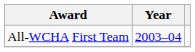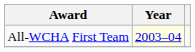 <table class="wikitable">
 <tr>
 <th>Award</th>
 <th>Year</th>
 <th></th>
 </tr>
 <tr>
 <td>All-<a href='#'>WCHA</a> <a href='#'>First Team</a></td>
-<td><a href='#'>2003–04</a></td>
+<td style="background: lightyellow;"><a href='#'>2003–04</a></td>
 <td></td>
 </tr>
 <tr>
 </tr>
 </table>
